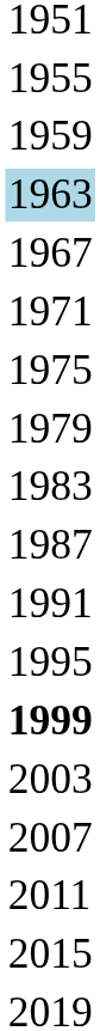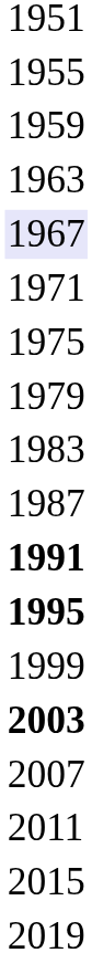 <table>
 <tr style="vertical-align:top">
 <td>1951<br></td>
 <td> </td>
 <td> </td>
 <td> </td>
 </tr>
 <tr style="vertical-align:top">
 <td>1955<br></td>
 <td> </td>
 <td> </td>
 <td> </td>
 </tr>
 <tr style="vertical-align:top">
 <td>1959<br></td>
 <td> </td>
 <td> </td>
 <td> </td>
 </tr>
 <tr style="vertical-align:top">
-<td style="background: lightblue;">1963<br></td>
+<td>1963<br></td>
 <td> </td>
 <td> </td>
 <td> </td>
 </tr>
 <tr style="vertical-align:top">
-<td>1967<br></td>
+<td style="background: lavender;">1967<br></td>
 <td> </td>
 <td> </td>
 <td> </td>
 </tr>
 <tr style="vertical-align:top">
 <td>1971<br></td>
 <td> </td>
 <td> </td>
 <td> </td>
 </tr>
 <tr style="vertical-align:top">
 <td>1975<br></td>
 <td> </td>
 <td> </td>
 <td> </td>
 </tr>
 <tr style="vertical-align:top">
 <td>1979<br></td>
 <td> </td>
 <td> </td>
 <td> </td>
 </tr>
 <tr style="vertical-align:top">
 <td>1983<br></td>
 <td> </td>
 <td> </td>
 <td> </td>
 </tr>
 <tr style="vertical-align:top">
 <td>1987<br></td>
 <td> </td>
 <td> </td>
 <td> </td>
 </tr>
 <tr style="vertical-align:top">
-<td>1991<br></td>
+<td><strong>1991<br></strong></td>
 <td> </td>
 <td> </td>
 <td> </td>
 </tr>
 <tr style="vertical-align:top">
-<td>1995<br></td>
+<td><strong>1995<br></strong></td>
 <td> </td>
 <td> </td>
 <td> </td>
 </tr>
 <tr style="vertical-align:top">
-<td><strong>1999<br></strong></td>
+<td>1999<br></td>
 <td> </td>
 <td> </td>
 <td> </td>
 </tr>
 <tr style="vertical-align:top">
-<td>2003<br></td>
+<td><strong>2003<br></strong></td>
 <td> </td>
 <td> </td>
 <td> </td>
 </tr>
 <tr style="vertical-align:top">
 <td rowspan=2>2007<br></td>
 <td rowspan=2> </td>
 <td rowspan=2> </td>
 <td> </td>
 </tr>
 <tr style="vertical-align:top">
 <td> </td>
 </tr>
 <tr style="vertical-align:top">
 <td>2011<br></td>
 <td> </td>
 <td> </td>
 <td> </td>
 </tr>
 <tr style="vertical-align:top">
 <td>2015<br></td>
 <td> </td>
 <td> </td>
 <td> </td>
 </tr>
 <tr style="vertical-align:top">
 <td>2019<br></td>
 <td> </td>
 <td></td>
 <td></td>
 </tr>
 </table>
